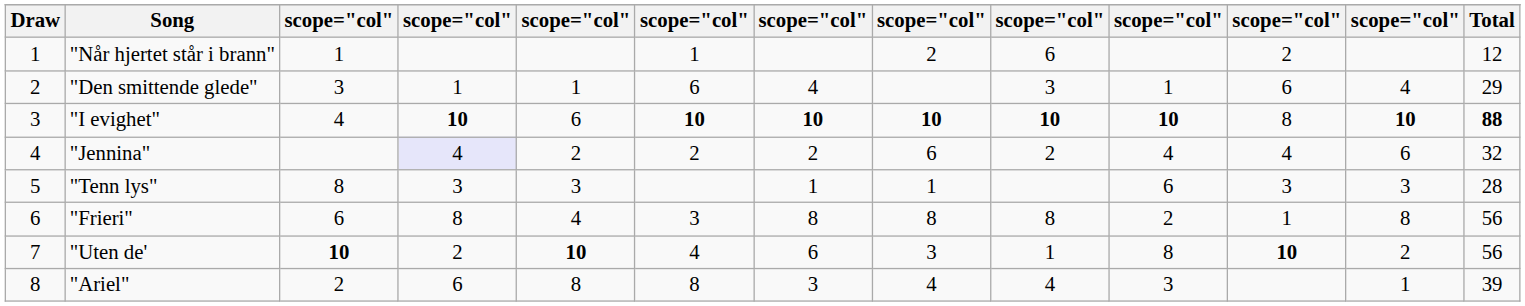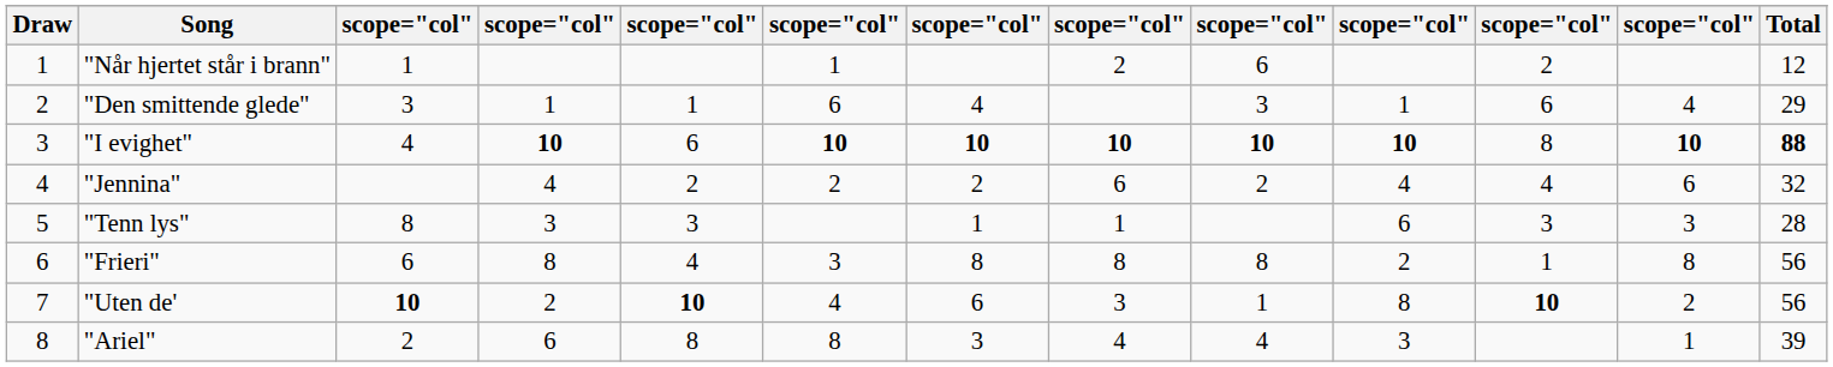 <table class="wikitable plainrowheaders" style="margin: 1em auto 1em auto; text-align:center;">
 <tr>
 </tr>
 <tr>
 <th scope="col">Draw</th>
 <th scope="col">Song</th>
 <th>scope="col" </th>
 <th>scope="col" </th>
 <th>scope="col" </th>
 <th>scope="col" </th>
 <th>scope="col" </th>
 <th>scope="col" </th>
 <th>scope="col" </th>
 <th>scope="col" </th>
 <th>scope="col" </th>
 <th>scope="col" </th>
 <th scope="col">Total</th>
 </tr>
 <tr>
 <td>1</td>
 <td align="left">"Når hjertet står i brann"</td>
 <td>1</td>
 <td></td>
 <td></td>
 <td>1</td>
 <td></td>
 <td>2</td>
 <td>6</td>
 <td></td>
 <td>2</td>
 <td></td>
 <td>12</td>
 </tr>
 <tr>
 <td>2</td>
 <td align="left">"Den smittende glede"</td>
 <td>3</td>
 <td>1</td>
 <td>1</td>
 <td>6</td>
 <td>4</td>
 <td></td>
 <td>3</td>
 <td>1</td>
 <td>6</td>
 <td>4</td>
 <td>29</td>
 </tr>
 <tr>
 <td>3</td>
 <td align="left">"I evighet"</td>
 <td>4</td>
 <td><strong>10</strong></td>
 <td>6</td>
 <td><strong>10</strong></td>
 <td><strong>10</strong></td>
 <td><strong>10</strong></td>
 <td><strong>10</strong></td>
 <td><strong>10</strong></td>
 <td>8</td>
 <td><strong>10</strong></td>
 <td><strong>88</strong></td>
 </tr>
 <tr>
 <td>4</td>
 <td align="left">"Jennina"</td>
 <td></td>
-<td style="background: lavender;">4</td>
+<td>4</td>
 <td>2</td>
 <td>2</td>
 <td>2</td>
 <td>6</td>
 <td>2</td>
 <td>4</td>
 <td>4</td>
 <td>6</td>
 <td>32</td>
 </tr>
 <tr>
 <td>5</td>
 <td align="left">"Tenn lys"</td>
 <td>8</td>
 <td>3</td>
 <td>3</td>
 <td></td>
 <td>1</td>
 <td>1</td>
 <td></td>
 <td>6</td>
 <td>3</td>
 <td>3</td>
 <td>28</td>
 </tr>
 <tr>
 <td>6</td>
 <td align="left">"Frieri"</td>
 <td>6</td>
 <td>8</td>
 <td>4</td>
 <td>3</td>
 <td>8</td>
 <td>8</td>
 <td>8</td>
 <td>2</td>
 <td>1</td>
 <td>8</td>
 <td>56</td>
 </tr>
 <tr>
 <td>7</td>
 <td align="left">"Uten de'</td>
 <td><strong>10</strong></td>
 <td>2</td>
 <td><strong>10</strong></td>
 <td>4</td>
 <td>6</td>
 <td>3</td>
 <td>1</td>
 <td>8</td>
 <td><strong>10</strong></td>
 <td>2</td>
 <td>56</td>
 </tr>
 <tr>
 <td>8</td>
 <td align="left">"Ariel"</td>
 <td>2</td>
 <td>6</td>
 <td>8</td>
 <td>8</td>
 <td>3</td>
 <td>4</td>
 <td>4</td>
 <td>3</td>
 <td></td>
 <td>1</td>
 <td>39</td>
 </tr>
 </table>
